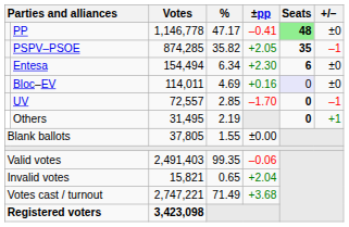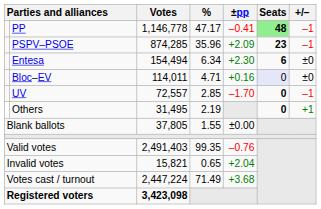 <table class="wikitable" style="text-align:right;">
 <tr>
 <th style="text-align:left;" colspan="2" width="200">Parties and alliances</th>
 <th width="75">Votes</th>
 <th width="45">%</th>
 <th width="45">±<a href='#'>pp</a></th>
 <th width="35">Seats</th>
 <th width="35">+/−</th>
 </tr>
 <tr>
 <td width="1" style="color:inherit;background:"></td>
 <td align="left"><a href='#'>PP</a></td>
 <td>1,146,778</td>
 <td>47.17</td>
 <td style="color:red;">–0.41</td>
 <td style="background: lightgreen;"><strong>48</strong></td>
-<td>±0</td>
+<td style="color:red;">–1</td>
 </tr>
 <tr>
 <td style="color:inherit;background:"></td>
 <td align="left"><a href='#'>PSPV–PSOE</a></td>
 <td>874,285</td>
-<td>35.82</td>
-<td style="color:green;">+2.05</td>
-<td><strong>35</strong></td>
+<td>35.96</td>
+<td style="color:green;">+2.09</td>
+<td><strong>23</strong></td>
 <td style="color:red;">–1</td>
 </tr>
 <tr>
 <td style="color:inherit;background:"></td>
 <td align="left"><a href='#'>Entesa</a></td>
 <td>154,494</td>
 <td>6.34</td>
 <td style="color:green;">+2.30</td>
 <td><strong>6</strong></td>
 <td>±0</td>
 </tr>
 <tr>
 <td style="color:inherit;background:"></td>
 <td align="left"><a href='#'>Bloc</a>–<a href='#'>EV</a></td>
 <td>114,011</td>
-<td>4.69</td>
+<td>4.71</td>
 <td style="color:green;">+0.16</td>
 <td style="background: lavender;">0</td>
 <td>±0</td>
 </tr>
 <tr>
 <td style="color:inherit;background:"></td>
 <td align="left"><a href='#'>UV</a></td>
 <td>72,557</td>
 <td>2.85</td>
 <td style="color:red;">–1.70</td>
 <td><strong>0</strong></td>
 <td style="color:red;">–1</td>
 </tr>
 <tr>
 <td bgcolor="white"></td>
 <td align="left">Others</td>
 <td>31,495</td>
 <td>2.19</td>
 <td bgcolor="#E9E9E9"></td>
 <td><strong>0</strong></td>
 <td style="color:green;">+1</td>
 </tr>
 <tr>
 <td align="left" colspan="2">Blank ballots</td>
 <td>37,805</td>
 <td>1.55</td>
 <td>±0.00</td>
 <td bgcolor="#E9E9E9" colspan="2"></td>
 </tr>
 <tr>
 <td colspan="7" bgcolor="#E9E9E9"></td>
 </tr>
 <tr>
 <td align="left" colspan="2">Valid votes</td>
 <td>2,491,403</td>
 <td>99.35</td>
-<td style="color:red;">–0.06</td>
+<td style="color:red;">–0.76</td>
 <td bgcolor="#E9E9E9" colspan="2" rowspan="4"></td>
 </tr>
 <tr>
 <td align="left" colspan="2">Invalid votes</td>
 <td>15,821</td>
 <td>0.65</td>
 <td style="color:green;">+2.04</td>
 </tr>
 <tr>
 <td align="left" colspan="2">Votes cast / turnout</td>
-<td>2,747,221</td>
+<td>2,447,224</td>
 <td>71.49</td>
 <td style="color:green;">+3.68</td>
 </tr>
 <tr style="font-weight:bold;">
 <td align="left" colspan="2">Registered voters</td>
 <td>3,423,098</td>
 <td bgcolor="#E9E9E9" colspan="2"></td>
 </tr>
 </table>
